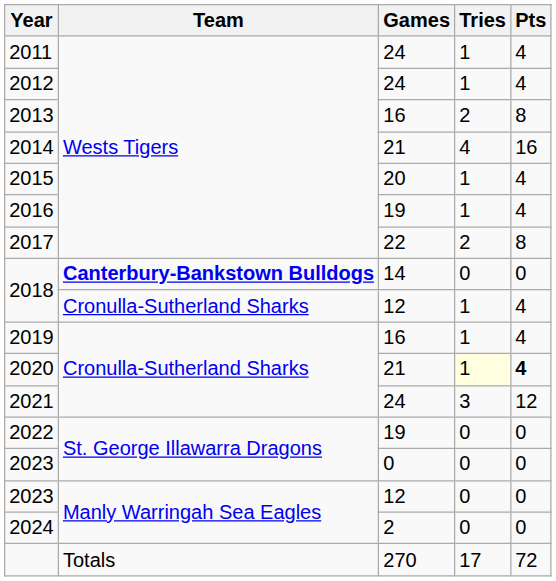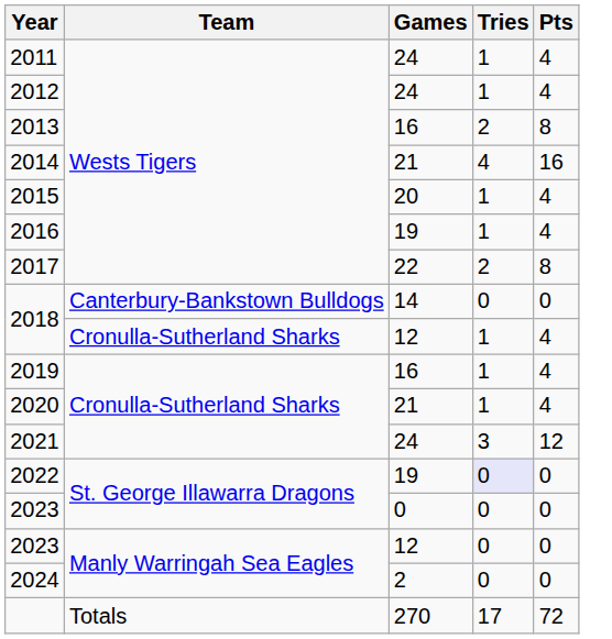 <table class="wikitable">
 <tr>
 <th>Year</th>
 <th>Team</th>
 <th>Games</th>
 <th>Tries</th>
 <th>Pts</th>
 </tr>
 <tr>
 <td>2011</td>
 <td rowspan="7"> <a href='#'>Wests Tigers</a></td>
 <td>24</td>
 <td>1</td>
 <td>4</td>
 </tr>
 <tr>
 <td>2012</td>
 <td>24</td>
 <td>1</td>
 <td>4</td>
 </tr>
 <tr>
 <td>2013</td>
 <td>16</td>
 <td>2</td>
 <td>8</td>
 </tr>
 <tr>
 <td>2014</td>
 <td>21</td>
 <td>4</td>
 <td>16</td>
 </tr>
 <tr>
 <td>2015</td>
 <td>20</td>
 <td>1</td>
 <td>4</td>
 </tr>
 <tr>
 <td>2016</td>
 <td>19</td>
 <td>1</td>
 <td>4</td>
 </tr>
 <tr>
 <td>2017</td>
 <td>22</td>
 <td>2</td>
 <td>8</td>
 </tr>
 <tr>
 <td rowspan="2">2018</td>
-<td><strong> <a href='#'>Canterbury-Bankstown Bulldogs</a></strong></td>
+<td> <a href='#'>Canterbury-Bankstown Bulldogs</a></td>
 <td>14</td>
 <td>0</td>
 <td>0</td>
 </tr>
 <tr>
 <td> <a href='#'>Cronulla-Sutherland Sharks</a></td>
 <td>12</td>
 <td>1</td>
 <td>4</td>
 </tr>
 <tr>
 <td>2019</td>
 <td rowspan="3"> <a href='#'>Cronulla-Sutherland Sharks</a></td>
 <td>16</td>
 <td>1</td>
 <td>4</td>
 </tr>
 <tr>
 <td>2020</td>
 <td>21</td>
-<td style="background: lightyellow;">1</td>
-<td><strong>4</strong></td>
+<td>1</td>
+<td>4</td>
 </tr>
 <tr>
 <td>2021</td>
 <td>24</td>
 <td>3</td>
 <td>12</td>
 </tr>
 <tr>
 <td>2022</td>
 <td rowspan="2"> <a href='#'>St. George Illawarra Dragons</a></td>
 <td>19</td>
-<td>0</td>
+<td style="background: lavender;">0</td>
 <td>0</td>
 </tr>
 <tr>
 <td>2023</td>
 <td>0</td>
 <td>0</td>
 <td>0</td>
 </tr>
 <tr>
 <td>2023</td>
 <td rowspan="2"> <a href='#'>Manly Warringah Sea Eagles</a></td>
 <td>12</td>
 <td>0</td>
 <td>0</td>
 </tr>
 <tr>
 <td>2024</td>
 <td>2</td>
 <td>0</td>
 <td>0</td>
 </tr>
 <tr>
 <td></td>
 <td>Totals</td>
 <td>270</td>
 <td>17</td>
 <td>72</td>
 </tr>
 </table>
